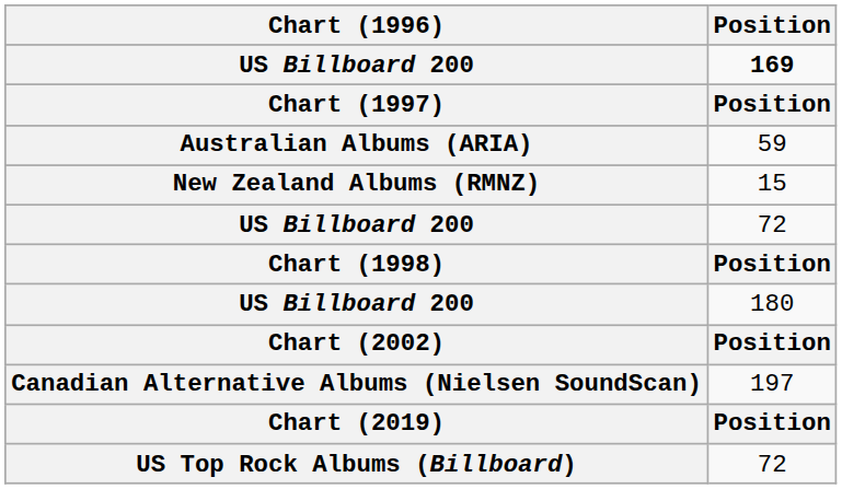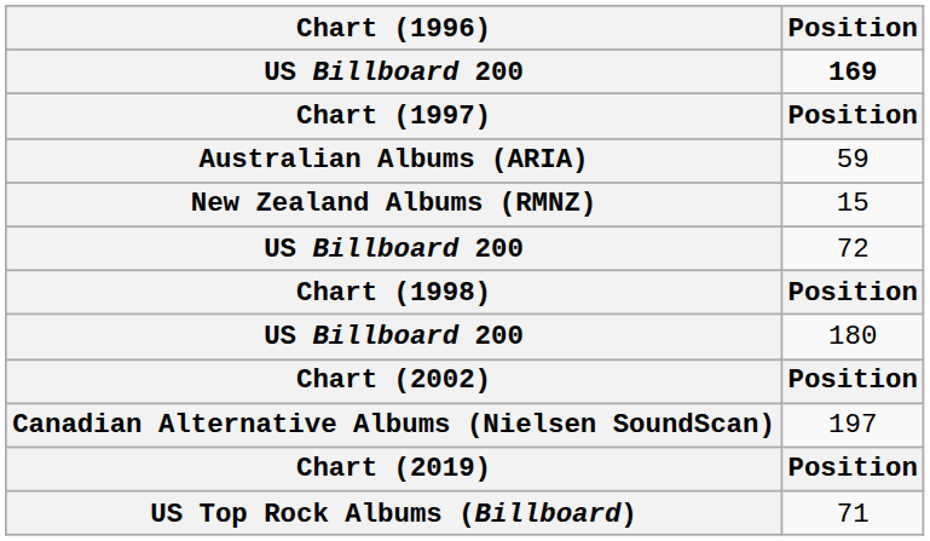 <table class="wikitable plainrowheaders" style="text-align:center">
 <tr>
 <th scope="col">Chart (1996)</th>
 <th scope="col">Position</th>
 </tr>
 <tr>
 <th scope="row">US <em>Billboard</em> 200</th>
 <td><strong>169</strong></td>
 </tr>
 <tr>
 <th scope="col">Chart (1997)</th>
 <th scope="col">Position</th>
 </tr>
 <tr>
 <th scope="row">Australian Albums (ARIA)</th>
 <td>59</td>
 </tr>
 <tr>
 <th scope="row">New Zealand Albums (RMNZ)</th>
 <td>15</td>
 </tr>
 <tr>
 <th scope="row">US <em>Billboard</em> 200</th>
 <td>72</td>
 </tr>
 <tr>
 <th scope="col">Chart (1998)</th>
 <th scope="col">Position</th>
 </tr>
 <tr>
 <th scope="row">US <em>Billboard</em> 200</th>
 <td>180</td>
 </tr>
 <tr>
 <th scope="col">Chart (2002)</th>
 <th scope="col">Position</th>
 </tr>
 <tr>
 <th scope="row">Canadian Alternative Albums (Nielsen SoundScan)</th>
 <td>197</td>
 </tr>
 <tr>
 <th scope="col">Chart (2019)</th>
 <th scope="col">Position</th>
 </tr>
 <tr>
 <th scope="row">US Top Rock Albums (<em>Billboard</em>)</th>
-<td>72</td>
+<td>71</td>
 </tr>
 </table>
